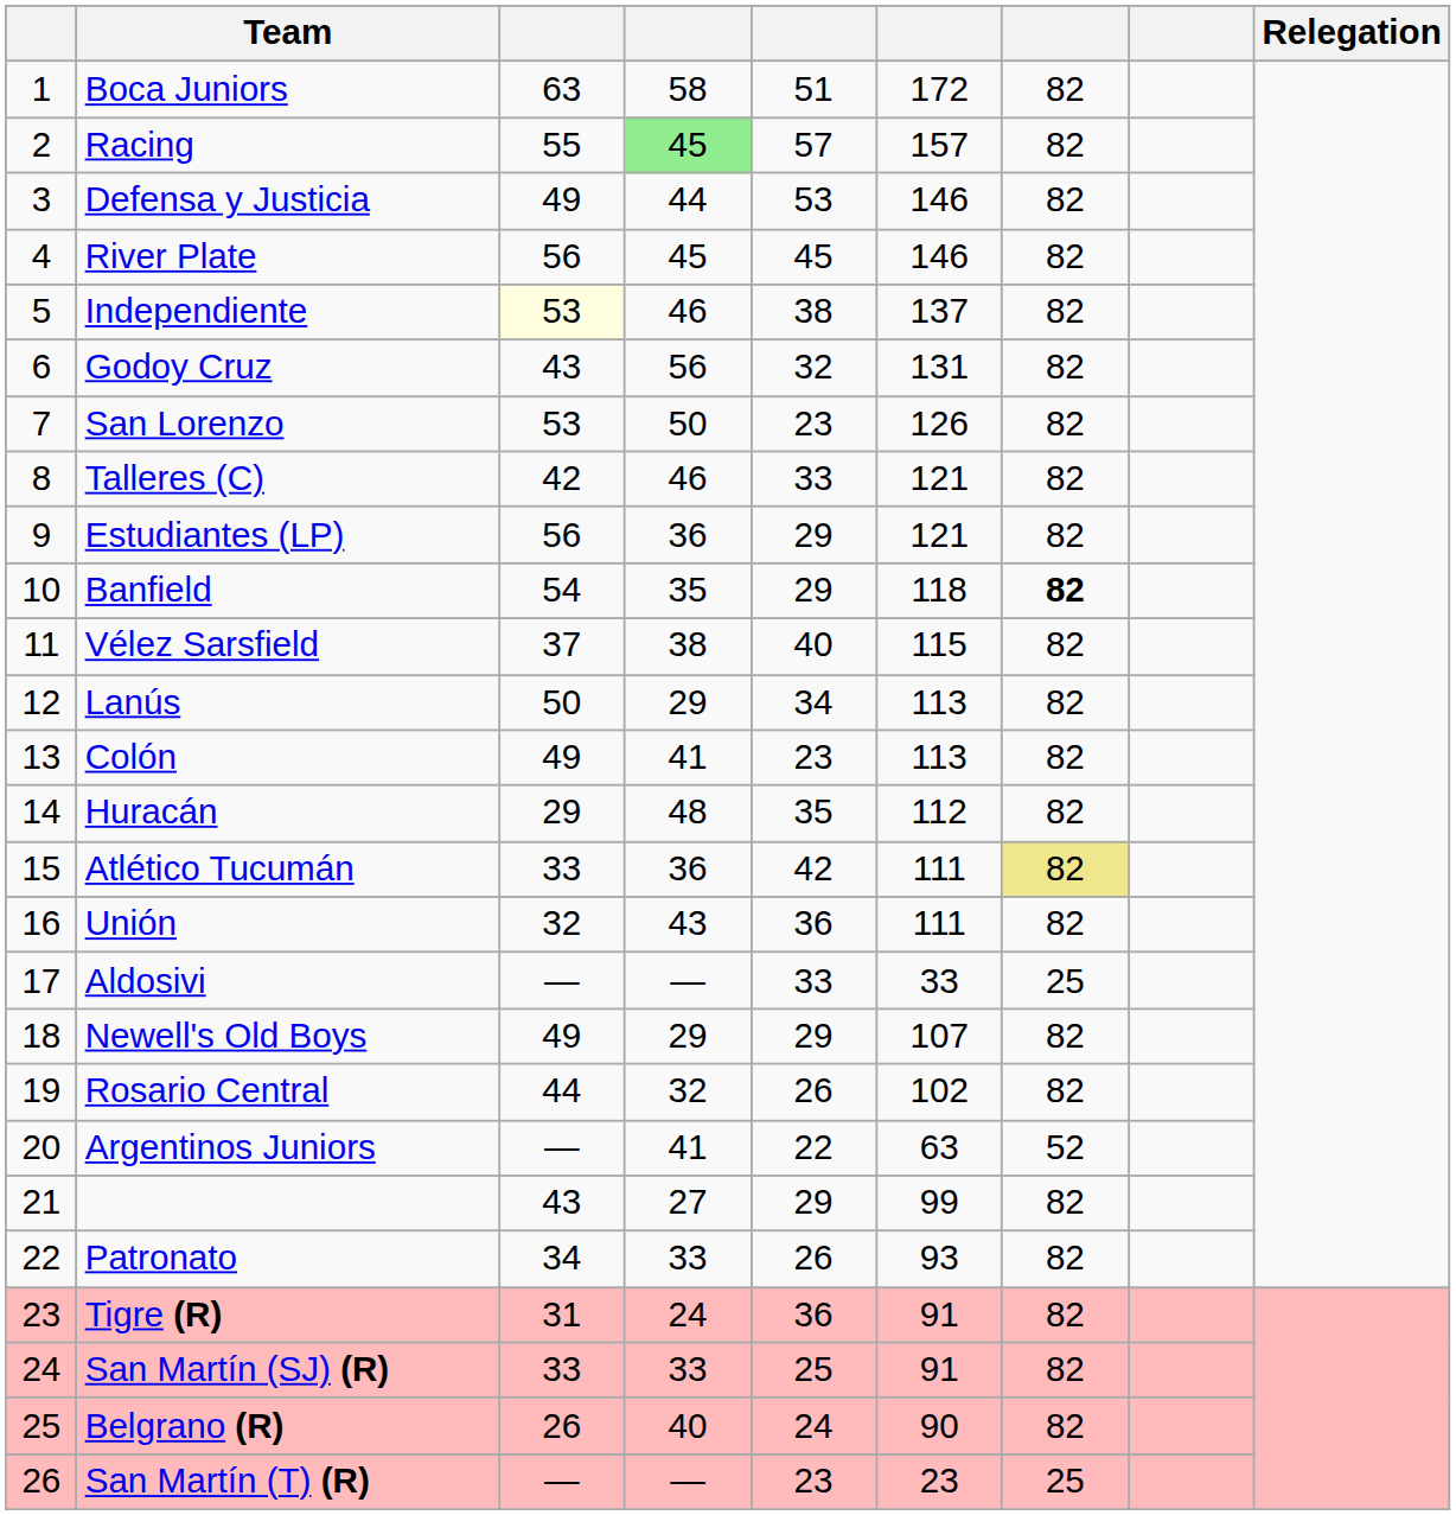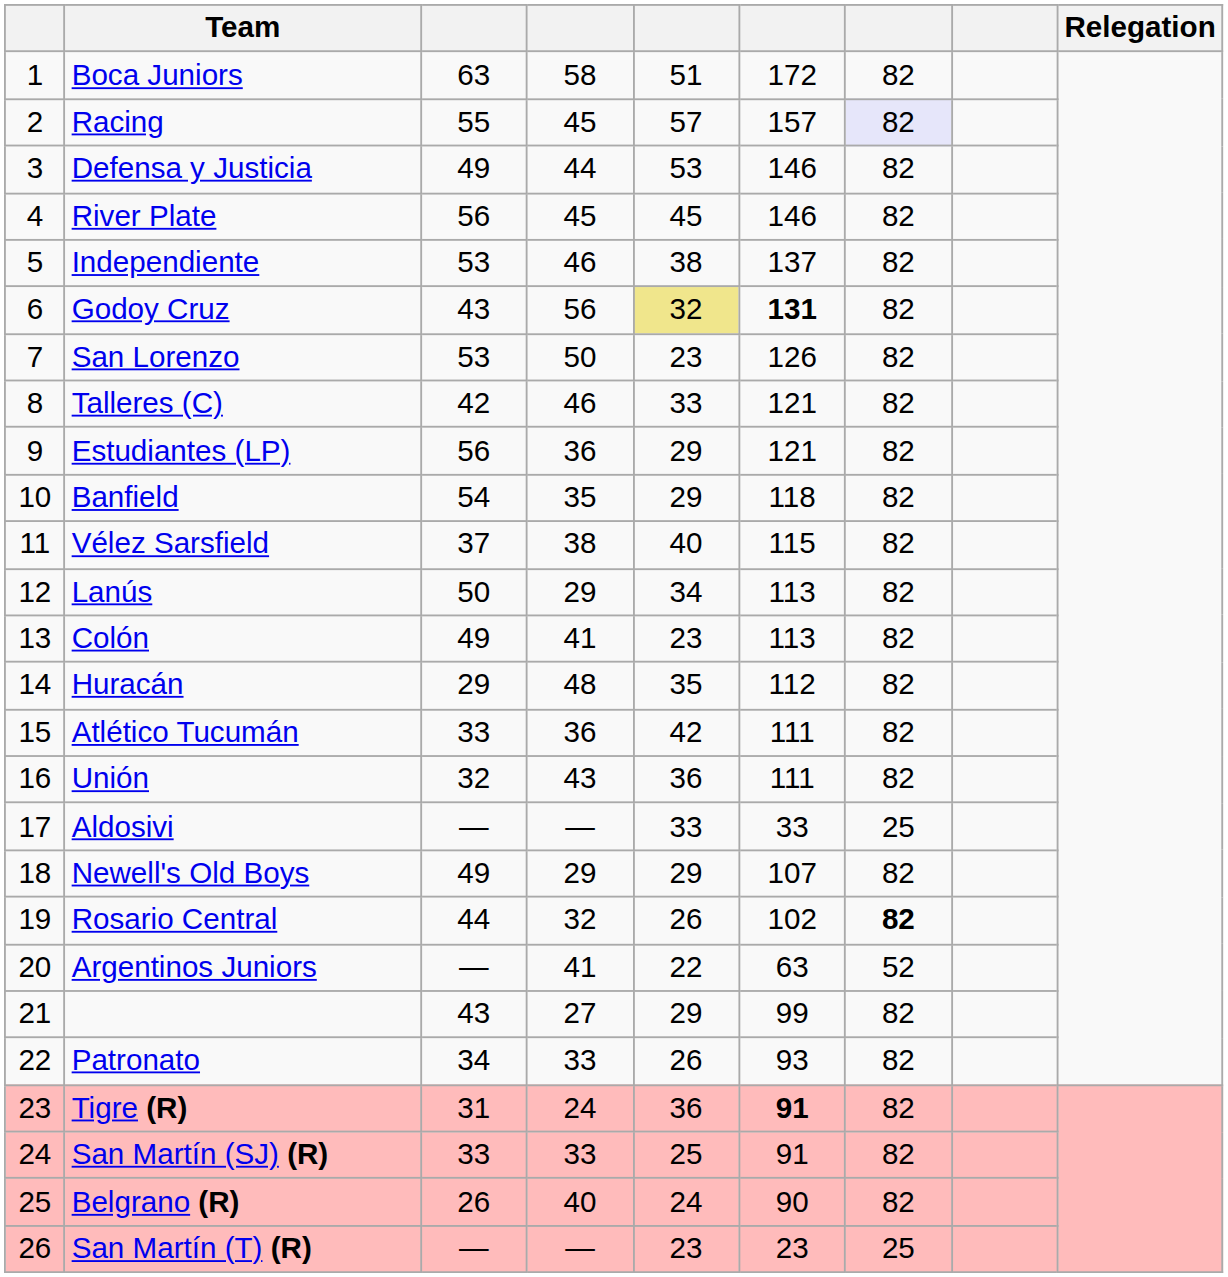 <table class="wikitable sortable" style="text-align: center;">
 <tr>
 <th width=25></th>
 <th width=185>Team</th>
 <th width=50></th>
 <th width=50></th>
 <th width=50></th>
 <th width=50></th>
 <th width=50></th>
 <th width=50></th>
 <th>Relegation</th>
 </tr>
 <tr>
 <td>1</td>
 <td align="left"><a href='#'>Boca Juniors</a></td>
 <td>63</td>
 <td>58</td>
 <td>51</td>
 <td>172</td>
 <td>82</td>
 <td><strong></strong></td>
 <td rowspan=22></td>
 </tr>
 <tr>
 <td>2</td>
 <td align="left"><a href='#'>Racing</a></td>
 <td>55</td>
-<td style="background: lightgreen;">45</td>
+<td>45</td>
 <td>57</td>
 <td>157</td>
-<td>82</td>
+<td style="background: lavender;">82</td>
 <td><strong></strong></td>
 </tr>
 <tr>
 <td>3</td>
 <td align="left"><a href='#'>Defensa y Justicia</a></td>
 <td>49</td>
 <td>44</td>
 <td>53</td>
 <td>146</td>
 <td>82</td>
 <td><strong></strong></td>
 </tr>
 <tr>
 <td>4</td>
 <td align="left"><a href='#'>River Plate</a></td>
 <td>56</td>
 <td>45</td>
 <td>45</td>
 <td>146</td>
 <td>82</td>
 <td><strong></strong></td>
 </tr>
 <tr>
 <td>5</td>
 <td align="left"><a href='#'>Independiente</a></td>
-<td style="background: lightyellow;">53</td>
+<td>53</td>
 <td>46</td>
 <td>38</td>
 <td>137</td>
 <td>82</td>
 <td><strong></strong></td>
 </tr>
 <tr>
 <td>6</td>
 <td align="left"><a href='#'>Godoy Cruz</a></td>
 <td>43</td>
 <td>56</td>
-<td>32</td>
-<td>131</td>
+<td style="background: khaki;">32</td>
+<td><strong>131</strong></td>
 <td>82</td>
 <td><strong></strong></td>
 </tr>
 <tr>
 <td>7</td>
 <td align="left"><a href='#'>San Lorenzo</a></td>
 <td>53</td>
 <td>50</td>
 <td>23</td>
 <td>126</td>
 <td>82</td>
 <td><strong></strong></td>
 </tr>
 <tr>
 <td>8</td>
 <td align="left"><a href='#'>Talleres (C)</a></td>
 <td>42</td>
 <td>46</td>
 <td>33</td>
 <td>121</td>
 <td>82</td>
 <td><strong></strong></td>
 </tr>
 <tr>
 <td>9</td>
 <td align="left"><a href='#'>Estudiantes (LP)</a></td>
 <td>56</td>
 <td>36</td>
 <td>29</td>
 <td>121</td>
 <td>82</td>
 <td><strong></strong></td>
 </tr>
 <tr>
 <td>10</td>
 <td align="left"><a href='#'>Banfield</a></td>
 <td>54</td>
 <td>35</td>
 <td>29</td>
 <td>118</td>
-<td><strong>82</strong></td>
+<td>82</td>
 <td><strong></strong></td>
 </tr>
 <tr>
 <td>11</td>
 <td align="left"><a href='#'>Vélez Sarsfield</a></td>
 <td>37</td>
 <td>38</td>
 <td>40</td>
 <td>115</td>
 <td>82</td>
 <td><strong></strong></td>
 </tr>
 <tr>
 <td>12</td>
 <td align="left"><a href='#'>Lanús</a></td>
 <td>50</td>
 <td>29</td>
 <td>34</td>
 <td>113</td>
 <td>82</td>
 <td><strong></strong></td>
 </tr>
 <tr>
 <td>13</td>
 <td align="left"><a href='#'>Colón</a></td>
 <td>49</td>
 <td>41</td>
 <td>23</td>
 <td>113</td>
 <td>82</td>
 <td><strong></strong></td>
 </tr>
 <tr>
 <td>14</td>
 <td align="left"><a href='#'>Huracán</a></td>
 <td>29</td>
 <td>48</td>
 <td>35</td>
 <td>112</td>
 <td>82</td>
 <td><strong></strong></td>
 </tr>
 <tr>
 <td>15</td>
 <td align="left"><a href='#'>Atlético Tucumán</a></td>
 <td>33</td>
 <td>36</td>
 <td>42</td>
 <td>111</td>
-<td style="background: khaki;">82</td>
+<td>82</td>
 <td><strong></strong></td>
 </tr>
 <tr>
 <td>16</td>
 <td align="left"><a href='#'>Unión</a></td>
 <td>32</td>
 <td>43</td>
 <td>36</td>
 <td>111</td>
 <td>82</td>
 <td><strong></strong></td>
 </tr>
 <tr>
 <td>17</td>
 <td align="left"><a href='#'>Aldosivi</a></td>
 <td>—</td>
 <td>—</td>
 <td>33</td>
 <td>33</td>
 <td>25</td>
 <td><strong></strong></td>
 </tr>
 <tr>
 <td>18</td>
 <td align="left"><a href='#'>Newell's Old Boys</a></td>
 <td>49</td>
 <td>29</td>
 <td>29</td>
 <td>107</td>
 <td>82</td>
 <td><strong></strong></td>
 </tr>
 <tr>
 <td>19</td>
 <td align="left"><a href='#'>Rosario Central</a></td>
 <td>44</td>
 <td>32</td>
 <td>26</td>
 <td>102</td>
-<td>82</td>
+<td><strong>82</strong></td>
 <td><strong></strong></td>
 </tr>
 <tr>
 <td>20</td>
 <td align="left"><a href='#'>Argentinos Juniors</a></td>
 <td>—</td>
 <td>41</td>
 <td>22</td>
 <td>63</td>
 <td>52</td>
 <td><strong></strong></td>
 </tr>
 <tr>
 <td>21</td>
 <td align="left"></td>
 <td>43</td>
 <td>27</td>
 <td>29</td>
 <td>99</td>
 <td>82</td>
 <td><strong></strong></td>
 </tr>
 <tr>
 <td>22</td>
 <td align="left"><a href='#'>Patronato</a></td>
 <td>34</td>
 <td>33</td>
 <td>26</td>
 <td>93</td>
 <td>82</td>
 <td><strong></strong></td>
 </tr>
 <tr bgcolor=#FFBBBB>
 <td>23</td>
 <td align="left"><a href='#'>Tigre</a> <strong>(R)</strong></td>
 <td>31</td>
 <td>24</td>
 <td>36</td>
-<td>91</td>
+<td><strong>91</strong></td>
 <td>82</td>
 <td><strong></strong></td>
 <td rowspan=4></td>
 </tr>
 <tr bgcolor=#FFBBBB>
 <td>24</td>
 <td align="left"><a href='#'>San Martín (SJ)</a> <strong>(R)</strong></td>
 <td>33</td>
 <td>33</td>
 <td>25</td>
 <td>91</td>
 <td>82</td>
 <td><strong></strong></td>
 </tr>
 <tr bgcolor=#FFBBBB>
 <td>25</td>
 <td align="left"><a href='#'>Belgrano</a> <strong>(R)</strong></td>
 <td>26</td>
 <td>40</td>
 <td>24</td>
 <td>90</td>
 <td>82</td>
 <td><strong></strong></td>
 </tr>
 <tr bgcolor=#FFBBBB>
 <td>26</td>
 <td align="left"><a href='#'>San Martín (T)</a> <strong>(R)</strong></td>
 <td>—</td>
 <td>—</td>
 <td>23</td>
 <td>23</td>
 <td>25</td>
 <td><strong></strong></td>
 </tr>
 </table>
